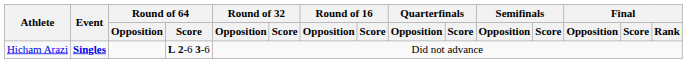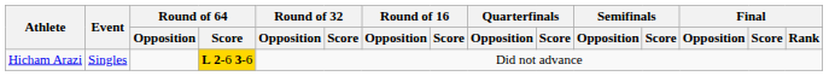 <table class=wikitable style="font-size:90%">
 <tr>
 <th rowspan="2">Athlete</th>
 <th rowspan="2">Event</th>
 <th colspan="2">Round of 64</th>
 <th colspan="2">Round of 32</th>
 <th colspan="2">Round of 16</th>
 <th colspan="2">Quarterfinals</th>
 <th colspan="2">Semifinals</th>
 <th colspan="3">Final</th>
 </tr>
 <tr>
 <th>Opposition</th>
 <th>Score</th>
 <th>Opposition</th>
 <th>Score</th>
 <th>Opposition</th>
 <th>Score</th>
 <th>Opposition</th>
 <th>Score</th>
 <th>Opposition</th>
 <th>Score</th>
 <th>Opposition</th>
 <th>Score</th>
 <th>Rank</th>
 </tr>
 <tr>
 <td><a href='#'>Hicham Arazi</a></td>
-<td><strong><a href='#'>Singles</a></strong></td>
+<td><a href='#'>Singles</a></td>
 <td align=center></td>
-<td align=center><strong>L</strong> <strong>2</strong>-6 <strong>3</strong>-6</td>
+<td align=center style="background: gold;"><strong>L</strong> <strong>2</strong>-6 <strong>3</strong>-6</td>
 <td align=center colspan=11>Did not advance</td>
 </tr>
 </table>
